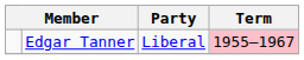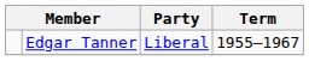 <table class="wikitable">
 <tr>
 <th colspan="2">Member</th>
 <th>Party</th>
 <th>Term</th>
 </tr>
 <tr>
 <td> </td>
 <td><a href='#'>Edgar Tanner</a></td>
 <td><a href='#'>Liberal</a></td>
-<td style="background: pink;">1955–1967</td>
+<td>1955–1967</td>
 </tr>
 <tr>
 </tr>
 </table>
